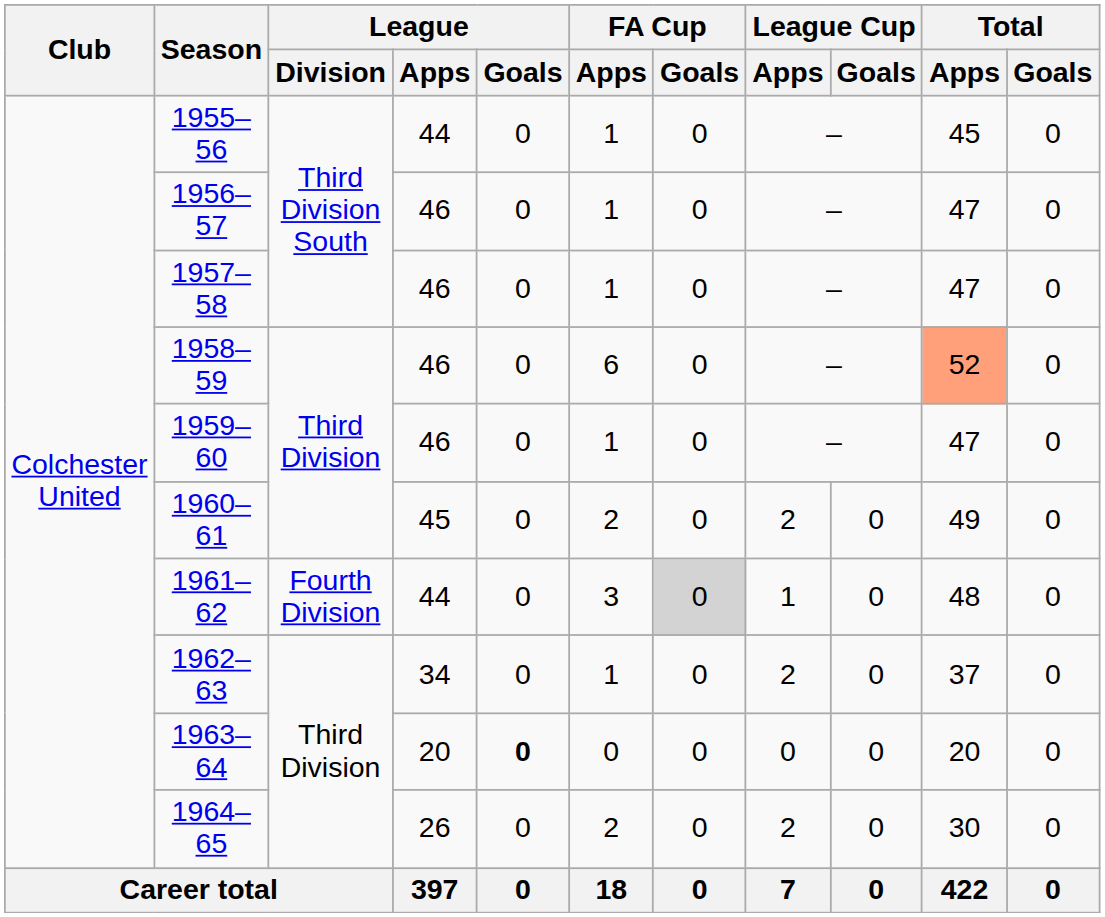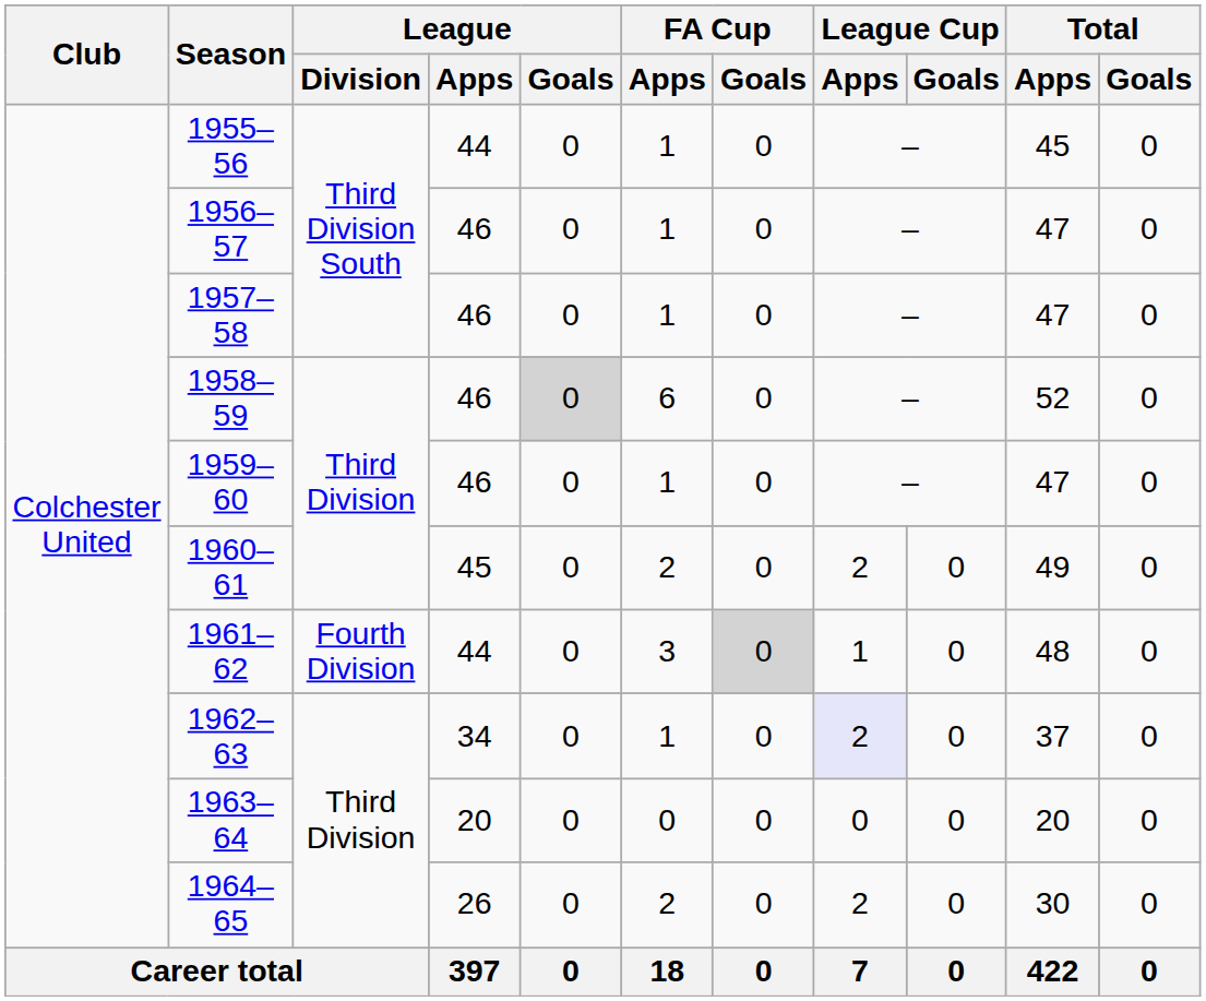 <table class="wikitable" style="text-align: center;">
 <tr>
 <th rowspan="2">Club</th>
 <th rowspan="2">Season</th>
 <th colspan="3">League</th>
 <th colspan="2">FA Cup</th>
 <th colspan="2">League Cup</th>
 <th colspan="2">Total</th>
 </tr>
 <tr>
 <th>Division</th>
 <th>Apps</th>
 <th>Goals</th>
 <th>Apps</th>
 <th>Goals</th>
 <th>Apps</th>
 <th>Goals</th>
 <th>Apps</th>
 <th>Goals</th>
 </tr>
 <tr>
 <td rowspan="10" valign="centre"><a href='#'>Colchester United</a></td>
 <td><a href='#'>1955–56</a></td>
 <td rowspan="3"><a href='#'>Third Division South</a></td>
 <td>44</td>
 <td>0</td>
 <td>1</td>
 <td>0</td>
 <td colspan="2">–</td>
 <td>45</td>
 <td>0</td>
 </tr>
 <tr>
 <td><a href='#'>1956–57</a></td>
 <td>46</td>
 <td>0</td>
 <td>1</td>
 <td>0</td>
 <td colspan="2">–</td>
 <td>47</td>
 <td>0</td>
 </tr>
 <tr>
 <td><a href='#'>1957–58</a></td>
 <td>46</td>
 <td>0</td>
 <td>1</td>
 <td>0</td>
 <td colspan="2">–</td>
 <td>47</td>
 <td>0</td>
 </tr>
 <tr>
 <td><a href='#'>1958–59</a></td>
 <td rowspan="3"><a href='#'>Third Division</a></td>
 <td>46</td>
-<td>0</td>
+<td style="background: lightgrey;">0</td>
 <td>6</td>
 <td>0</td>
 <td colspan="2">–</td>
-<td style="background: lightsalmon;">52</td>
+<td>52</td>
 <td>0</td>
 </tr>
 <tr>
 <td><a href='#'>1959–60</a></td>
 <td>46</td>
 <td>0</td>
 <td>1</td>
 <td>0</td>
 <td colspan="2">–</td>
 <td>47</td>
 <td>0</td>
 </tr>
 <tr>
 <td><a href='#'>1960–61</a></td>
 <td>45</td>
 <td>0</td>
 <td>2</td>
 <td>0</td>
 <td>2</td>
 <td>0</td>
 <td>49</td>
 <td>0</td>
 </tr>
 <tr>
 <td><a href='#'>1961–62</a></td>
 <td><a href='#'>Fourth Division</a></td>
 <td>44</td>
 <td>0</td>
 <td>3</td>
 <td style="background: lightgrey;">0</td>
 <td>1</td>
 <td>0</td>
 <td>48</td>
 <td>0</td>
 </tr>
 <tr>
 <td><a href='#'>1962–63</a></td>
 <td rowspan="3">Third Division</td>
 <td>34</td>
 <td>0</td>
 <td>1</td>
 <td>0</td>
-<td>2</td>
+<td style="background: lavender;">2</td>
 <td>0</td>
 <td>37</td>
 <td>0</td>
 </tr>
 <tr>
 <td><a href='#'>1963–64</a></td>
 <td>20</td>
-<td><strong>0</strong></td>
+<td>0</td>
 <td>0</td>
 <td>0</td>
 <td>0</td>
 <td>0</td>
 <td>20</td>
 <td>0</td>
 </tr>
 <tr>
 <td><a href='#'>1964–65</a></td>
 <td>26</td>
 <td>0</td>
 <td>2</td>
 <td>0</td>
 <td>2</td>
 <td>0</td>
 <td>30</td>
 <td>0</td>
 </tr>
 <tr>
 <th colspan="3">Career total</th>
 <th>397</th>
 <th>0</th>
 <th>18</th>
 <th>0</th>
 <th>7</th>
 <th>0</th>
 <th>422</th>
 <th>0</th>
 </tr>
 </table>
